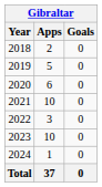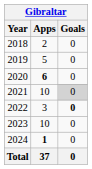 <table class="wikitable" style="text-align:center">
 <tr>
 <th colspan=3><a href='#'>Gibraltar</a></th>
 </tr>
 <tr>
 <th>Year</th>
 <th>Apps</th>
 <th>Goals</th>
 </tr>
 <tr>
 <td>2018</td>
 <td>2</td>
 <td>0</td>
 </tr>
 <tr>
 <td>2019</td>
 <td>5</td>
 <td>0</td>
 </tr>
 <tr>
 <td>2020</td>
-<td>6</td>
+<td><strong>6</strong></td>
 <td>0</td>
 </tr>
 <tr>
 <td>2021</td>
 <td>10</td>
-<td>0</td>
+<td style="background: lightgrey;">0</td>
 </tr>
 <tr>
 <td>2022</td>
 <td>3</td>
-<td>0</td>
+<td><strong>0</strong></td>
 </tr>
 <tr>
 <td>2023</td>
 <td>10</td>
 <td>0</td>
 </tr>
 <tr>
 <td>2024</td>
-<td>1</td>
+<td><strong>1</strong></td>
 <td>0</td>
 </tr>
 <tr>
 <th>Total</th>
 <th>37</th>
 <th>0</th>
 </tr>
 </table>
